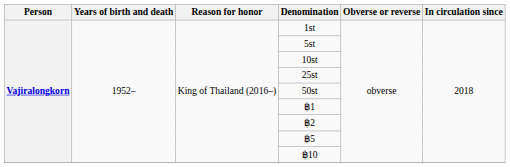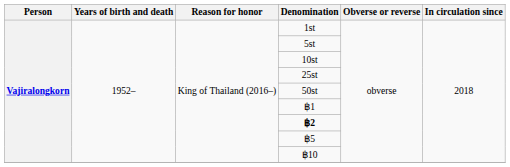 <table class="wikitable" style="font-size:95%; text-align:center;">
 <tr>
 <th>Person</th>
 <th>Years of birth and death</th>
 <th>Reason for honor</th>
 <th>Denomination</th>
 <th>Obverse or reverse</th>
 <th>In circulation since</th>
 </tr>
 <tr>
 <th rowspan="9"><a href='#'>Vajiralongkorn</a></th>
 <td rowspan="9">1952–</td>
 <td rowspan="9">King of Thailand (2016–)</td>
 <td>1st</td>
 <td rowspan="9">obverse</td>
 <td rowspan="9">2018</td>
 </tr>
 <tr>
 <td>5st</td>
 </tr>
 <tr>
 <td>10st</td>
 </tr>
 <tr>
 <td>25st</td>
 </tr>
 <tr>
 <td>50st</td>
 </tr>
 <tr>
 <td>฿1</td>
 </tr>
 <tr>
-<td>฿2</td>
+<td><strong>฿2</strong></td>
 </tr>
 <tr>
 <td>฿5</td>
 </tr>
 <tr>
 <td>฿10</td>
 </tr>
 <tr>
 </tr>
 </table>
